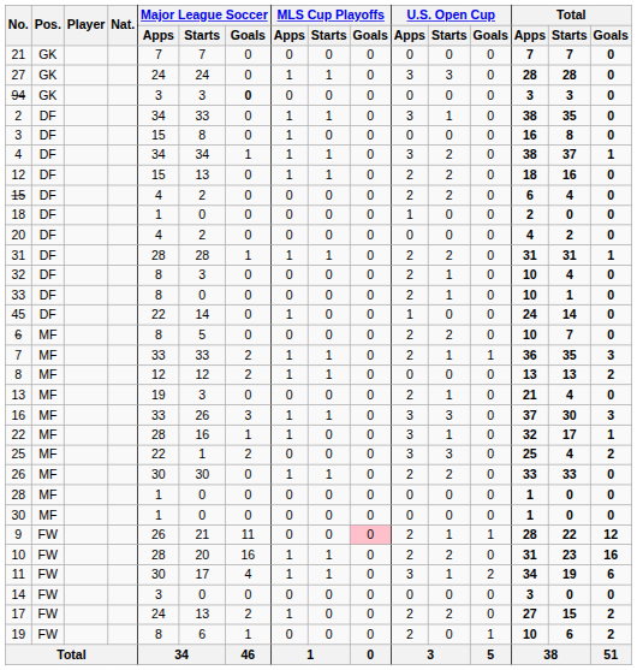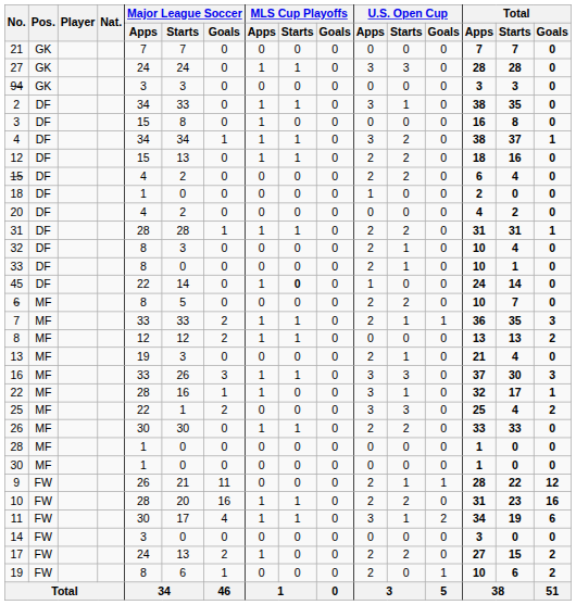 <table class="wikitable sortable nowrap" style="text-align:center; font-size:90%;">
 <tr>
 <th rowspan="2">No.</th>
 <th rowspan="2">Pos.</th>
 <th rowspan="2">Player</th>
 <th rowspan="2" style="border-right: 1pt black solid">Nat.</th>
 <th colspan="3" style="border-right: 1pt black solid"><a href='#'>Major League Soccer</a></th>
 <th colspan="3" style="border-right: 1pt black solid"><a href='#'>MLS Cup Playoffs</a></th>
 <th colspan="3" style="border-right: 1pt black solid"><a href='#'>U.S. Open Cup</a></th>
 <th colspan="3">Total</th>
 </tr>
 <tr>
 <th>Apps</th>
 <th>Starts</th>
 <th style="border-right: 1pt black solid">Goals</th>
 <th>Apps</th>
 <th>Starts</th>
 <th style="border-right: 1pt black solid">Goals</th>
 <th>Apps</th>
 <th>Starts</th>
 <th style="border-right: 1pt black solid">Goals</th>
 <th>Apps</th>
 <th>Starts</th>
 <th>Goals</th>
 </tr>
 <tr>
 <td>21</td>
 <td>GK</td>
 <td align=left></td>
 <td style="border-right: 1pt black solid"></td>
 <td>7</td>
 <td>7</td>
 <td style="border-right: 1pt black solid">0</td>
 <td>0</td>
 <td>0</td>
 <td style="border-right: 1pt black solid">0</td>
 <td>0</td>
 <td>0</td>
 <td style="border-right: 1pt black solid">0</td>
 <td><strong>7</strong></td>
 <td><strong>7</strong></td>
 <td><strong>0</strong></td>
 </tr>
 <tr>
 <td>27</td>
 <td>GK</td>
 <td align=left></td>
 <td style="border-right: 1pt black solid"></td>
 <td>24</td>
 <td>24</td>
 <td style="border-right: 1pt black solid">0</td>
 <td>1</td>
 <td>1</td>
 <td style="border-right: 1pt black solid">0</td>
 <td>3</td>
 <td>3</td>
 <td style="border-right: 1pt black solid">0</td>
 <td><strong>28</strong></td>
 <td><strong>28</strong></td>
 <td><strong>0</strong></td>
 </tr>
 <tr>
 <td><s>94</s></td>
 <td>GK</td>
 <td align=left></td>
 <td style="border-right: 1pt black solid"></td>
 <td>3</td>
 <td>3</td>
-<td style="border-right: 1pt black solid"><strong>0</strong></td>
+<td style="border-right: 1pt black solid">0</td>
 <td>0</td>
 <td>0</td>
 <td style="border-right: 1pt black solid">0</td>
 <td>0</td>
 <td>0</td>
 <td style="border-right: 1pt black solid">0</td>
 <td><strong>3</strong></td>
 <td><strong>3</strong></td>
 <td><strong>0</strong></td>
 </tr>
 <tr>
 <td>2</td>
 <td>DF</td>
 <td align=left></td>
 <td style="border-right: 1pt black solid"></td>
 <td>34</td>
 <td>33</td>
 <td style="border-right: 1pt black solid">0</td>
 <td>1</td>
 <td>1</td>
 <td style="border-right: 1pt black solid">0</td>
 <td>3</td>
 <td>1</td>
 <td style="border-right: 1pt black solid">0</td>
 <td><strong>38</strong></td>
 <td><strong>35</strong></td>
 <td><strong>0</strong></td>
 </tr>
 <tr>
 <td>3</td>
 <td>DF</td>
 <td align=left></td>
 <td style="border-right: 1pt black solid"></td>
 <td>15</td>
 <td>8</td>
 <td style="border-right: 1pt black solid">0</td>
 <td>1</td>
 <td>0</td>
 <td style="border-right: 1pt black solid">0</td>
 <td>0</td>
 <td>0</td>
 <td style="border-right: 1pt black solid">0</td>
 <td><strong>16</strong></td>
 <td><strong>8</strong></td>
 <td><strong>0</strong></td>
 </tr>
 <tr>
 <td>4</td>
 <td>DF</td>
 <td align=left></td>
 <td style="border-right: 1pt black solid"></td>
 <td>34</td>
 <td>34</td>
 <td style="border-right: 1pt black solid">1</td>
 <td>1</td>
 <td>1</td>
 <td style="border-right: 1pt black solid">0</td>
 <td>3</td>
 <td>2</td>
 <td style="border-right: 1pt black solid">0</td>
 <td><strong>38</strong></td>
 <td><strong>37</strong></td>
 <td><strong>1</strong></td>
 </tr>
 <tr>
 <td>12</td>
 <td>DF</td>
 <td align=left></td>
 <td style="border-right: 1pt black solid"></td>
 <td>15</td>
 <td>13</td>
 <td style="border-right: 1pt black solid">0</td>
 <td>1</td>
 <td>1</td>
 <td style="border-right: 1pt black solid">0</td>
 <td>2</td>
 <td>2</td>
 <td style="border-right: 1pt black solid">0</td>
 <td><strong>18</strong></td>
 <td><strong>16</strong></td>
 <td><strong>0</strong></td>
 </tr>
 <tr>
 <td><s>15</s></td>
 <td>DF</td>
 <td align=left></td>
 <td style="border-right: 1pt black solid"></td>
 <td>4</td>
 <td>2</td>
 <td style="border-right: 1pt black solid">0</td>
 <td>0</td>
 <td>0</td>
 <td style="border-right: 1pt black solid">0</td>
 <td>2</td>
 <td>2</td>
 <td style="border-right: 1pt black solid">0</td>
 <td><strong>6</strong></td>
 <td><strong>4</strong></td>
 <td><strong>0</strong></td>
 </tr>
 <tr>
 <td>18</td>
 <td>DF</td>
 <td align=left></td>
 <td style="border-right: 1pt black solid"></td>
 <td>1</td>
 <td>0</td>
 <td style="border-right: 1pt black solid">0</td>
 <td>0</td>
 <td>0</td>
 <td style="border-right: 1pt black solid">0</td>
 <td>1</td>
 <td>0</td>
 <td style="border-right: 1pt black solid">0</td>
 <td><strong>2</strong></td>
 <td><strong>0</strong></td>
 <td><strong>0</strong></td>
 </tr>
 <tr>
 <td>20</td>
 <td>DF</td>
 <td align=left></td>
 <td style="border-right: 1pt black solid"></td>
 <td>4</td>
 <td>2</td>
 <td style="border-right: 1pt black solid">0</td>
 <td>0</td>
 <td>0</td>
 <td style="border-right: 1pt black solid">0</td>
 <td>0</td>
 <td>0</td>
 <td style="border-right: 1pt black solid">0</td>
 <td><strong>4</strong></td>
 <td><strong>2</strong></td>
 <td><strong>0</strong></td>
 </tr>
 <tr>
 <td>31</td>
 <td>DF</td>
 <td align=left></td>
 <td style="border-right: 1pt black solid"></td>
 <td>28</td>
 <td>28</td>
 <td style="border-right: 1pt black solid">1</td>
 <td>1</td>
 <td>1</td>
 <td style="border-right: 1pt black solid">0</td>
 <td>2</td>
 <td>2</td>
 <td style="border-right: 1pt black solid">0</td>
 <td><strong>31</strong></td>
 <td><strong>31</strong></td>
 <td><strong>1</strong></td>
 </tr>
 <tr>
 <td>32</td>
 <td>DF</td>
 <td align=left></td>
 <td style="border-right: 1pt black solid"></td>
 <td>8</td>
 <td>3</td>
 <td style="border-right: 1pt black solid">0</td>
 <td>0</td>
 <td>0</td>
 <td style="border-right: 1pt black solid">0</td>
 <td>2</td>
 <td>1</td>
 <td style="border-right: 1pt black solid">0</td>
 <td><strong>10</strong></td>
 <td><strong>4</strong></td>
 <td><strong>0</strong></td>
 </tr>
 <tr>
 <td>33</td>
 <td>DF</td>
 <td align=left></td>
 <td style="border-right: 1pt black solid"></td>
 <td>8</td>
 <td>0</td>
 <td style="border-right: 1pt black solid">0</td>
 <td>0</td>
 <td>0</td>
 <td style="border-right: 1pt black solid">0</td>
 <td>2</td>
 <td>1</td>
 <td style="border-right: 1pt black solid">0</td>
 <td><strong>10</strong></td>
 <td><strong>1</strong></td>
 <td><strong>0</strong></td>
 </tr>
 <tr>
 <td>45</td>
 <td>DF</td>
 <td align=left></td>
 <td style="border-right: 1pt black solid"></td>
 <td>22</td>
 <td>14</td>
 <td style="border-right: 1pt black solid">0</td>
 <td>1</td>
-<td>0</td>
+<td><strong>0</strong></td>
 <td style="border-right: 1pt black solid">0</td>
 <td>1</td>
 <td>0</td>
 <td style="border-right: 1pt black solid">0</td>
 <td><strong>24</strong></td>
 <td><strong>14</strong></td>
 <td><strong>0</strong></td>
 </tr>
 <tr>
 <td><s>6</s></td>
 <td>MF</td>
 <td align=left></td>
 <td style="border-right: 1pt black solid"></td>
 <td>8</td>
 <td>5</td>
 <td style="border-right: 1pt black solid">0</td>
 <td>0</td>
 <td>0</td>
 <td style="border-right: 1pt black solid">0</td>
 <td>2</td>
 <td>2</td>
 <td style="border-right: 1pt black solid">0</td>
 <td><strong>10</strong></td>
 <td><strong>7</strong></td>
 <td><strong>0</strong></td>
 </tr>
 <tr>
 <td>7</td>
 <td>MF</td>
 <td align=left></td>
 <td style="border-right: 1pt black solid"></td>
 <td>33</td>
 <td>33</td>
 <td style="border-right: 1pt black solid">2</td>
 <td>1</td>
 <td>1</td>
 <td style="border-right: 1pt black solid">0</td>
 <td>2</td>
 <td>1</td>
 <td style="border-right: 1pt black solid">1</td>
 <td><strong>36</strong></td>
 <td><strong>35</strong></td>
 <td><strong>3</strong></td>
 </tr>
 <tr>
 <td>8</td>
 <td>MF</td>
 <td align=left></td>
 <td style="border-right: 1pt black solid"></td>
 <td>12</td>
 <td>12</td>
 <td style="border-right: 1pt black solid">2</td>
 <td>1</td>
 <td>1</td>
 <td style="border-right: 1pt black solid">0</td>
 <td>0</td>
 <td>0</td>
 <td style="border-right: 1pt black solid">0</td>
 <td><strong>13</strong></td>
 <td><strong>13</strong></td>
 <td><strong>2</strong></td>
 </tr>
 <tr>
 <td>13</td>
 <td>MF</td>
 <td align=left></td>
 <td style="border-right: 1pt black solid"></td>
 <td>19</td>
 <td>3</td>
 <td style="border-right: 1pt black solid">0</td>
 <td>0</td>
 <td>0</td>
 <td style="border-right: 1pt black solid">0</td>
 <td>2</td>
 <td>1</td>
 <td style="border-right: 1pt black solid">0</td>
 <td><strong>21</strong></td>
 <td><strong>4</strong></td>
 <td><strong>0</strong></td>
 </tr>
 <tr>
 <td>16</td>
 <td>MF</td>
 <td align=left></td>
 <td style="border-right: 1pt black solid"></td>
 <td>33</td>
 <td>26</td>
 <td style="border-right: 1pt black solid">3</td>
 <td>1</td>
 <td>1</td>
 <td style="border-right: 1pt black solid">0</td>
 <td>3</td>
 <td>3</td>
 <td style="border-right: 1pt black solid">0</td>
 <td><strong>37</strong></td>
 <td><strong>30</strong></td>
 <td><strong>3</strong></td>
 </tr>
 <tr>
 <td>22</td>
 <td>MF</td>
 <td align=left></td>
 <td style="border-right: 1pt black solid"></td>
 <td>28</td>
 <td>16</td>
 <td style="border-right: 1pt black solid">1</td>
 <td>1</td>
 <td>0</td>
 <td style="border-right: 1pt black solid">0</td>
 <td>3</td>
 <td>1</td>
 <td style="border-right: 1pt black solid">0</td>
 <td><strong>32</strong></td>
 <td><strong>17</strong></td>
 <td><strong>1</strong></td>
 </tr>
 <tr>
 <td>25</td>
 <td>MF</td>
 <td align=left></td>
 <td style="border-right: 1pt black solid"></td>
 <td>22</td>
 <td>1</td>
 <td style="border-right: 1pt black solid">2</td>
 <td>0</td>
 <td>0</td>
 <td style="border-right: 1pt black solid">0</td>
 <td>3</td>
 <td>3</td>
 <td style="border-right: 1pt black solid">0</td>
 <td><strong>25</strong></td>
 <td><strong>4</strong></td>
 <td><strong>2</strong></td>
 </tr>
 <tr>
 <td>26</td>
 <td>MF</td>
 <td align=left></td>
 <td style="border-right: 1pt black solid"></td>
 <td>30</td>
 <td>30</td>
 <td style="border-right: 1pt black solid">0</td>
 <td>1</td>
 <td>1</td>
 <td style="border-right: 1pt black solid">0</td>
 <td>2</td>
 <td>2</td>
 <td style="border-right: 1pt black solid">0</td>
 <td><strong>33</strong></td>
 <td><strong>33</strong></td>
 <td><strong>0</strong></td>
 </tr>
 <tr>
 <td>28</td>
 <td>MF</td>
 <td align=left></td>
 <td style="border-right: 1pt black solid"></td>
 <td>1</td>
 <td>0</td>
 <td style="border-right: 1pt black solid">0</td>
 <td>0</td>
 <td>0</td>
 <td style="border-right: 1pt black solid">0</td>
 <td>0</td>
 <td>0</td>
 <td style="border-right: 1pt black solid">0</td>
 <td><strong>1</strong></td>
 <td><strong>0</strong></td>
 <td><strong>0</strong></td>
 </tr>
 <tr>
 <td>30</td>
 <td>MF</td>
 <td align=left></td>
 <td style="border-right: 1pt black solid"></td>
 <td>1</td>
 <td>0</td>
 <td style="border-right: 1pt black solid">0</td>
 <td>0</td>
 <td>0</td>
 <td style="border-right: 1pt black solid">0</td>
 <td>0</td>
 <td>0</td>
 <td style="border-right: 1pt black solid">0</td>
 <td><strong>1</strong></td>
 <td><strong>0</strong></td>
 <td><strong>0</strong></td>
 </tr>
 <tr>
 <td>9</td>
 <td>FW</td>
 <td align=left></td>
 <td style="border-right: 1pt black solid"></td>
 <td>26</td>
 <td>21</td>
 <td style="border-right: 1pt black solid">11</td>
 <td>0</td>
 <td>0</td>
-<td style="background: pink; border-right: 1pt black solid">0</td>
+<td style="border-right: 1pt black solid">0</td>
 <td>2</td>
 <td>1</td>
 <td style="border-right: 1pt black solid">1</td>
 <td><strong>28</strong></td>
 <td><strong>22</strong></td>
 <td><strong>12</strong></td>
 </tr>
 <tr>
 <td>10</td>
 <td>FW</td>
 <td align=left></td>
 <td style="border-right: 1pt black solid"></td>
 <td>28</td>
 <td>20</td>
 <td style="border-right: 1pt black solid">16</td>
 <td>1</td>
 <td>1</td>
 <td style="border-right: 1pt black solid">0</td>
 <td>2</td>
 <td>2</td>
 <td style="border-right: 1pt black solid">0</td>
 <td><strong>31</strong></td>
 <td><strong>23</strong></td>
 <td><strong>16</strong></td>
 </tr>
 <tr>
 <td>11</td>
 <td>FW</td>
 <td align=left></td>
 <td style="border-right: 1pt black solid"></td>
 <td>30</td>
 <td>17</td>
 <td style="border-right: 1pt black solid">4</td>
 <td>1</td>
 <td>1</td>
 <td style="border-right: 1pt black solid">0</td>
 <td>3</td>
 <td>1</td>
 <td style="border-right: 1pt black solid">2</td>
 <td><strong>34</strong></td>
 <td><strong>19</strong></td>
 <td><strong>6</strong></td>
 </tr>
 <tr>
 <td>14</td>
 <td>FW</td>
 <td align=left></td>
 <td style="border-right: 1pt black solid"></td>
 <td>3</td>
 <td>0</td>
 <td style="border-right: 1pt black solid">0</td>
 <td>0</td>
 <td>0</td>
 <td style="border-right: 1pt black solid">0</td>
 <td>0</td>
 <td>0</td>
 <td style="border-right: 1pt black solid">0</td>
 <td><strong>3</strong></td>
 <td><strong>0</strong></td>
 <td><strong>0</strong></td>
 </tr>
 <tr>
 <td>17</td>
 <td>FW</td>
 <td align=left></td>
 <td style="border-right: 1pt black solid"></td>
 <td>24</td>
 <td>13</td>
 <td style="border-right: 1pt black solid">2</td>
 <td>1</td>
 <td>0</td>
 <td style="border-right: 1pt black solid">0</td>
 <td>2</td>
 <td>2</td>
 <td style="border-right: 1pt black solid">0</td>
 <td><strong>27</strong></td>
 <td><strong>15</strong></td>
 <td><strong>2</strong></td>
 </tr>
 <tr>
 <td>19</td>
 <td>FW</td>
 <td align=left></td>
 <td style="border-right: 1pt black solid"></td>
 <td>8</td>
 <td>6</td>
 <td style="border-right: 1pt black solid">1</td>
 <td>0</td>
 <td>0</td>
 <td style="border-right: 1pt black solid">0</td>
 <td>2</td>
 <td>0</td>
 <td style="border-right: 1pt black solid">1</td>
 <td><strong>10</strong></td>
 <td><strong>6</strong></td>
 <td><strong>2</strong></td>
 </tr>
 <tr class="sortbottom">
 <th colspan=4 style="border-right: 1pt black solid">Total</th>
 <th colspan=2>34</th>
 <th style="border-right: 1pt black solid">46</th>
 <th colspan=2>1</th>
 <th style="border-right: 1pt black solid">0</th>
 <th colspan=2>3</th>
 <th style="border-right: 1pt black solid">5</th>
 <th colspan=2>38</th>
 <th>51</th>
 </tr>
 </table>
